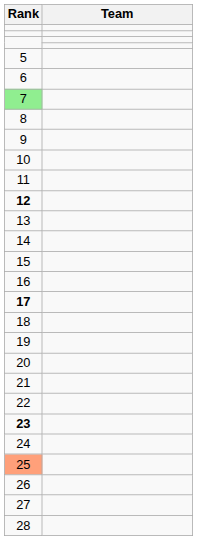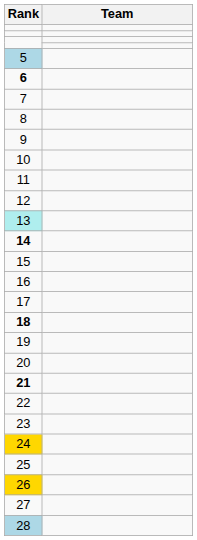 <table class="wikitable" style="text-align:center;">
 <tr>
 <th width=40>Rank</th>
 <th width=180>Team</th>
 </tr>
 <tr>
 <td align=center></td>
 <td align=left></td>
 </tr>
 <tr>
 <td align=center></td>
 <td align=left></td>
 </tr>
 <tr>
 <td rowspan=2 align=center></td>
 <td align=left></td>
 </tr>
 <tr>
 <td align=left></td>
 </tr>
 <tr>
-<td align=center>5</td>
+<td align=center style="background: lightblue;">5</td>
 <td align=left></td>
 </tr>
 <tr>
-<td align=center>6</td>
+<td align=center><strong>6</strong></td>
 <td align=left></td>
 </tr>
 <tr>
-<td align=center style="background: lightgreen;">7</td>
+<td align=center>7</td>
 <td align=left></td>
 </tr>
 <tr>
 <td align=center>8</td>
 <td align=left></td>
 </tr>
 <tr>
 <td align=center>9</td>
 <td align=left></td>
 </tr>
 <tr>
 <td align=center>10</td>
 <td align=left></td>
 </tr>
 <tr>
 <td align=center>11</td>
 <td align=left></td>
 </tr>
 <tr>
-<td align=center><strong>12</strong></td>
+<td align=center>12</td>
 <td align=left></td>
 </tr>
 <tr>
-<td align=center>13</td>
+<td align=center style="background: paleturquoise;">13</td>
 <td align=left></td>
 </tr>
 <tr>
-<td align=center>14</td>
+<td align=center><strong>14</strong></td>
 <td align=left></td>
 </tr>
 <tr>
 <td align=center>15</td>
 <td align=left></td>
 </tr>
 <tr>
 <td align=center>16</td>
 <td align=left></td>
 </tr>
 <tr>
-<td align=center><strong>17</strong></td>
+<td align=center>17</td>
 <td align=left></td>
 </tr>
 <tr>
-<td align=center>18</td>
+<td align=center><strong>18</strong></td>
 <td align=left></td>
 </tr>
 <tr>
 <td align=center>19</td>
 <td align=left></td>
 </tr>
 <tr>
 <td align=center>20</td>
 <td align=left></td>
 </tr>
 <tr>
-<td align=center>21</td>
+<td align=center><strong>21</strong></td>
 <td align=left></td>
 </tr>
 <tr>
 <td align=center>22</td>
 <td align=left></td>
 </tr>
 <tr>
-<td align=center><strong>23</strong></td>
+<td align=center>23</td>
 <td align=left></td>
 </tr>
 <tr>
-<td align=center>24</td>
+<td align=center style="background: gold;">24</td>
 <td align=left></td>
 </tr>
 <tr>
-<td align=center style="background: lightsalmon;">25</td>
+<td align=center>25</td>
 <td align=left></td>
 </tr>
 <tr>
-<td align=center>26</td>
+<td align=center style="background: gold;">26</td>
 <td align=left></td>
 </tr>
 <tr>
 <td align=center>27</td>
 <td align=left></td>
 </tr>
 <tr>
-<td align=center>28</td>
+<td align=center style="background: lightblue;">28</td>
 <td align=left></td>
 </tr>
 </table>
